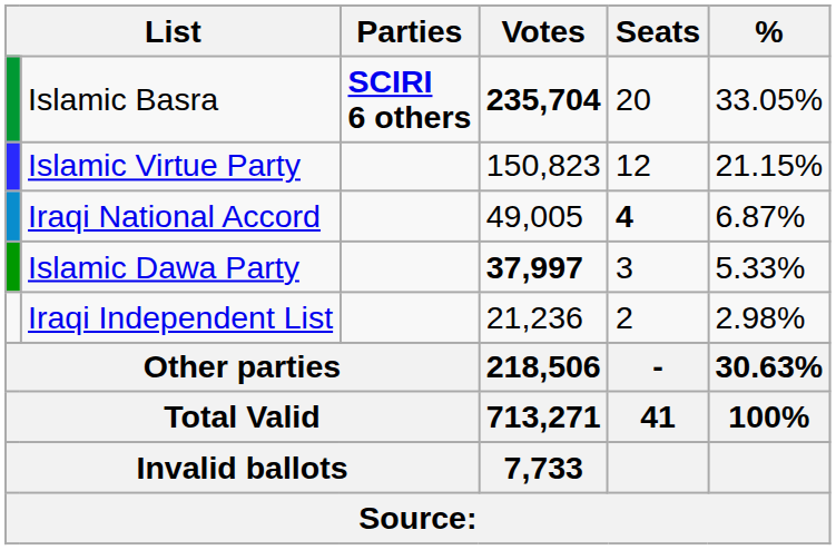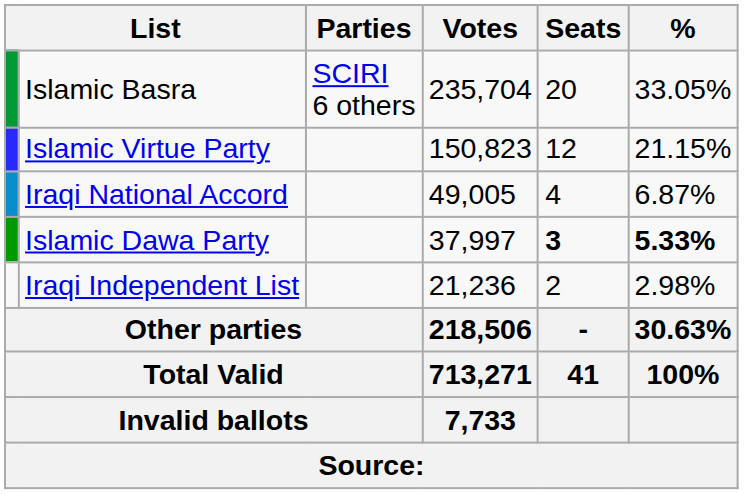 <table class="wikitable" style="border:1px solid #8888aa; background:#f8f8f8; padding:0; font-size:90%;">
 <tr>
 <th colspan=2>List</th>
 <th>Parties</th>
 <th>Votes</th>
 <th>Seats</th>
 <th>%</th>
 </tr>
 <tr>
 <td bgcolor="#009933"></td>
 <td>Islamic Basra</td>
-<td><strong><a href='#'>SCIRI</a><br>6 others</strong></td>
-<td><strong>235,704</strong></td>
+<td><a href='#'>SCIRI</a><br>6 others</td>
+<td>235,704</td>
 <td>20</td>
 <td>33.05%</td>
 </tr>
 <tr>
 <td bgcolor="#2929FD"></td>
 <td><a href='#'>Islamic Virtue Party</a></td>
 <td></td>
 <td>150,823</td>
 <td>12</td>
 <td>21.15%</td>
 </tr>
 <tr>
 <td bgcolor="#098DCD"></td>
 <td><a href='#'>Iraqi National Accord</a></td>
 <td></td>
 <td>49,005</td>
-<td><strong>4</strong></td>
+<td>4</td>
 <td>6.87%</td>
 </tr>
 <tr>
 <td bgcolor="#009900"></td>
 <td><a href='#'>Islamic Dawa Party</a></td>
 <td></td>
-<td><strong>37,997</strong></td>
-<td>3</td>
-<td>5.33%</td>
+<td>37,997</td>
+<td><strong>3</strong></td>
+<td><strong>5.33%</strong></td>
 </tr>
 <tr>
 <td></td>
 <td><a href='#'>Iraqi Independent List</a></td>
 <td></td>
 <td>21,236</td>
 <td>2</td>
 <td>2.98%</td>
 </tr>
 <tr>
 <th colspan=3>Other parties</th>
 <th>218,506</th>
 <th>-</th>
 <th>30.63%</th>
 </tr>
 <tr>
 <th colspan=3><strong>Total Valid</strong></th>
 <th><strong>713,271</strong></th>
 <th><strong>41</strong></th>
 <th><strong>100%</strong></th>
 </tr>
 <tr>
 <th colspan=3>Invalid ballots</th>
 <th>7,733</th>
 <th></th>
 <th></th>
 </tr>
 <tr class="unsortable">
 <th align=left colspan=6>Source:  </th>
 </tr>
 </table>
